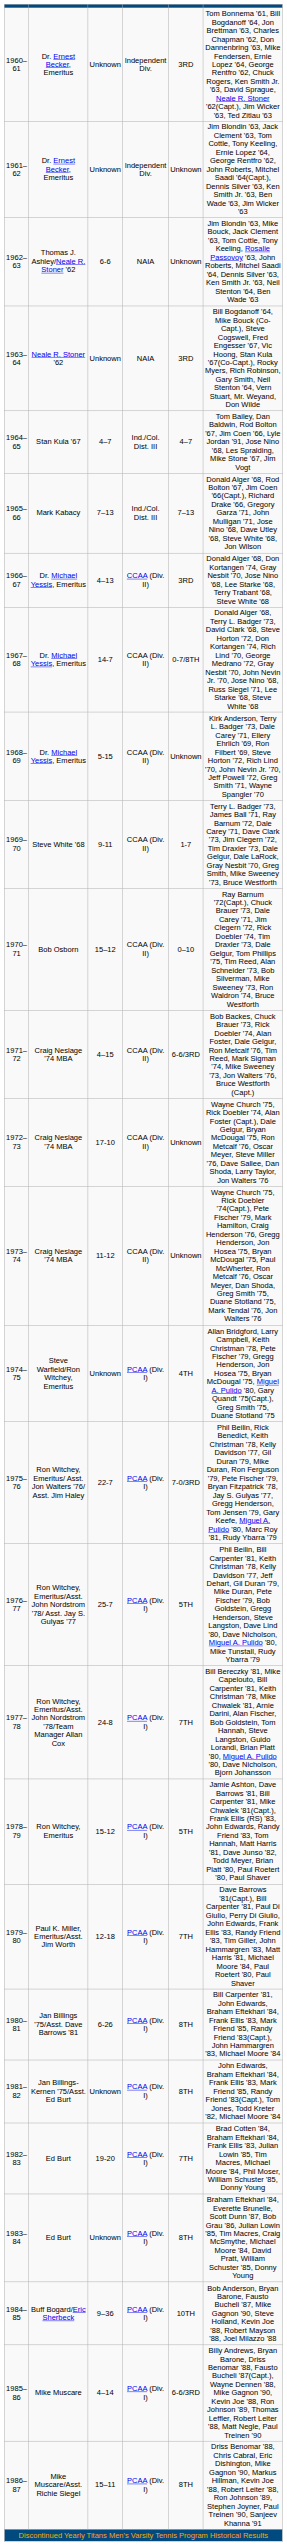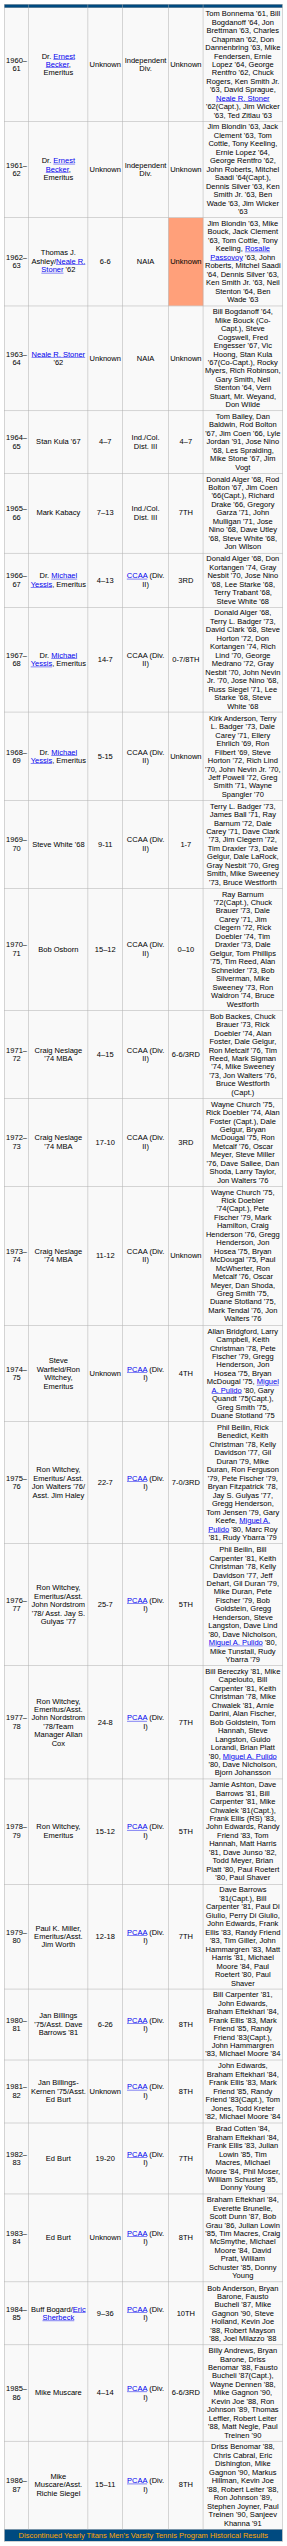 <table class="wikitable" style="width:95%; text-align:center;">
 <tr style="background:#004A80;">
 <th style="background:#004A80;"></th>
 <th style="background:#004A80;"></th>
 <th style="background:#004A80;"></th>
 <th style="background:#004A80;"></th>
 <th style="background:#004A80;"></th>
 <th style="background:#004A80;"></th>
 </tr>
 <tr>
 <td>1960–61</td>
 <td>Dr. <a href='#'>Ernest Becker</a>, Emeritus</td>
 <td>Unknown</td>
 <td>Independent Div.</td>
-<td>3RD</td>
+<td>Unknown</td>
 <td>Tom Bonnema '61, Bill Bogdanoff '64, Jon Brettman '63, Charles Chapman '62, Don Dannenbring '63, Mike Fendersen, Ernie Lopez '64, George Rentfro '62, Chuck Rogers, Ken Smith Jr. '63, David Sprague, <a href='#'>Neale R. Stoner</a> '62(Capt.), Jim Wicker '63, Ted Zitlau '63</td>
 </tr>
 <tr>
 <td>1961–62</td>
 <td>Dr. <a href='#'>Ernest Becker</a>, Emeritus</td>
 <td>Unknown</td>
 <td>Independent Div.</td>
 <td>Unknown</td>
 <td>Jim Blondin '63, Jack Clement '63, Tom Cottle, Tony Keeling, Ernie Lopez '64, George Rentfro '62, John Roberts, Mitchel Saadi '64(Capt.), Dennis Silver '63, Ken Smith Jr. '63, Ben Wade '63, Jim Wicker '63</td>
 </tr>
 <tr>
 <td>1962–63</td>
 <td>Thomas J. Ashley/<a href='#'>Neale R. Stoner</a> '62</td>
 <td>6-6</td>
 <td>NAIA</td>
-<td>Unknown</td>
+<td style="background: lightsalmon;">Unknown</td>
 <td>Jim Blondin '63, Mike Bouck, Jack Clement '63, Tom Cottle, Tony Keeling, <a href='#'>Rosalie Passovoy</a> '63, John Roberts, Mitchel Saadi '64, Dennis Silver '63, Ken Smith Jr. '63, Neil Stenton '64, Ben Wade '63</td>
 </tr>
 <tr>
 <td>1963–64</td>
 <td><a href='#'>Neale R. Stoner</a> '62</td>
 <td>Unknown</td>
 <td>NAIA</td>
-<td>3RD</td>
+<td>Unknown</td>
 <td>Bill Bogdanoff '64, Mike Bouck (Co-Capt.), Steve Cogswell, Fred Engesser '67, Vic Hoong, Stan Kula '67(Co-Capt.), Rocky Myers, Rich Robinson, Gary Smith, Neil Stenton '64, Vern Stuart, Mr. Weyand, Don Wilde</td>
 </tr>
 <tr>
 <td>1964–65</td>
 <td>Stan Kula '67</td>
 <td>4–7</td>
 <td>Ind./Col. Dist. III</td>
 <td>4–7</td>
 <td>Tom Bailey, Dan Baldwin, Rod Bolton '67, Jim Coen '66, Lyle Jordan '91, Jose Nino '68, Les Spralding, Mike Stone '67, Jim Vogt</td>
 </tr>
 <tr>
 <td>1965–66</td>
 <td>Mark Kabacy</td>
 <td>7–13</td>
 <td>Ind./Col. Dist. III</td>
-<td>7–13</td>
+<td>7TH</td>
 <td>Donald Alger '68, Rod Bolton '67, Jim Coen '66(Capt.), Richard Drake '66, Gregory Garza '71, John Mulligan '71, Jose Nino '68, Dave Utley '68, Steve White '68, Jon Wilson</td>
 </tr>
 <tr>
 <td>1966–67</td>
 <td>Dr. <a href='#'>Michael Yessis</a>, Emeritus</td>
 <td>4–13</td>
 <td><a href='#'>CCAA</a> (Div. II)</td>
 <td>3RD</td>
 <td>Donald Alger '68, Don Kortangen '74, Gray Nesbit '70, Jose Nino '68, Lee Starke '68, Terry Trabant '68, Steve White '68</td>
 </tr>
 <tr>
 <td>1967–68</td>
 <td>Dr. <a href='#'>Michael Yessis</a>, Emeritus</td>
 <td>14-7</td>
 <td>CCAA (Div. II)</td>
 <td>0-7/8TH</td>
 <td>Donald Alger '68, Terry L. Badger '73, David Clark '68, Steve Horton '72, Don Kortangen '74, Rich Lind '70, George Medrano '72, Gray Nesbit '70, John Nevin Jr. '70, Jose Nino '68, Russ Siegel '71, Lee Starke '68, Steve White '68</td>
 </tr>
 <tr>
 <td>1968–69</td>
 <td>Dr. <a href='#'>Michael Yessis</a>, Emeritus</td>
 <td>5-15</td>
 <td>CCAA (Div. II)</td>
 <td>Unknown</td>
 <td>Kirk Anderson, Terry L. Badger '73, Dale Carey '71, Ellery Ehrlich '69, Ron Filbert '69, Steve Horton '72, Rich Lind '70, John Nevin Jr. '70, Jeff Powell '72, Greg Smith '71, Wayne Spangler '70</td>
 </tr>
 <tr>
 <td>1969–70</td>
 <td>Steve White '68</td>
 <td>9-11</td>
 <td>CCAA (Div. II)</td>
 <td>1-7</td>
 <td>Terry L. Badger '73, James Ball '71, Ray Barnum '72, Dale Carey '71, Dave Clark '73, Jim Clegern '72, Tim Draxler '73, Dale Gelgur, Dale LaRock, Gray Nesbit '70, Greg Smith, Mike Sweeney '73, Bruce Westforth</td>
 </tr>
 <tr>
 <td>1970–71</td>
 <td>Bob Osborn</td>
 <td>15–12</td>
 <td>CCAA (Div. II)</td>
 <td>0–10</td>
 <td>Ray Barnum '72(Capt.), Chuck Brauer '73, Dale Carey '71, Jim Clegern '72, Rick Doebler '74, Tim Draxler '73, Dale Gelgur, Tom Phillips '75, Tim Reed, Alan Schneider '73, Bob Silverman, Mike Sweeney '73, Ron Waldron '74, Bruce Westforth</td>
 </tr>
 <tr>
 <td>1971–72</td>
 <td>Craig Neslage '74 MBA</td>
 <td>4–15</td>
 <td>CCAA (Div. II)</td>
 <td>6-6/3RD</td>
 <td>Bob Backes, Chuck Brauer '73, Rick Doebler '74, Alan Foster, Dale Gelgur, Ron Metcalf '76, Tim Reed, Mark Sigman '74, Mike Sweeney '73, Jon Walters '76, Bruce Westforth (Capt.)</td>
 </tr>
 <tr>
 <td>1972–73</td>
 <td>Craig Neslage '74 MBA</td>
 <td>17-10</td>
 <td>CCAA (Div. II)</td>
-<td>Unknown</td>
+<td>3RD</td>
 <td>Wayne Church '75, Rick Doebler '74, Alan Foster (Capt.), Dale Gelgur, Bryan McDougal '75, Ron Metcalf '76,    Oscar Meyer, Steve Miller '76, Dave Sallee, Dan Shoda, Larry Taylor, Jon Walters '76</td>
 </tr>
 <tr>
 <td>1973–74</td>
 <td>Craig Neslage '74 MBA</td>
 <td>11-12</td>
 <td>CCAA (Div. II)</td>
 <td>Unknown</td>
 <td>Wayne Church '75, Rick Doebler '74(Capt.), Pete Fischer '79, Mark Hamilton, Craig Henderson '76, Gregg Henderson, Jon Hosea '75, Bryan McDougal '75, Paul McWherter, Ron Metcalf '76,  Oscar Meyer, Dan Shoda, Greg Smith '75, Duane Stotland '75, Mark Tendal '76, Jon Walters '76</td>
 </tr>
 <tr>
 <td>1974–75</td>
 <td>Steve Warfield/Ron Witchey, Emeritus</td>
 <td>Unknown</td>
 <td><a href='#'>PCAA</a> (Div. I)</td>
 <td>4TH</td>
 <td>Allan Bridgford, Larry Campbell, Keith Christman '78, Pete Fischer '79, Gregg Henderson, Jon Hosea '75, Bryan McDougal '75, <a href='#'>Miguel A. Pulido</a> '80, Gary Quandt '75(Capt.), Greg Smith '75, Duane Stotland '75</td>
 </tr>
 <tr>
 <td>1975–76</td>
 <td>Ron Witchey, Emeritus/ Asst. Jon Walters '76/ Asst. Jim Haley</td>
 <td>22-7</td>
 <td><a href='#'>PCAA</a> (Div. I)</td>
 <td>7-0/3RD</td>
 <td>Phil Beilin, Rick Benedict, Keith Christman '78, Kelly Davidson '77, Gil Duran '79, Mike Duran, Ron Ferguson '79, Pete Fischer '79, Bryan Fitzpatrick '78, Jay S. Gulyas '77, Gregg Henderson, Tom Jensen '79, Gary Keefe, <a href='#'>Miguel A. Pulido</a> '80, Marc Roy '81, Rudy Ybarra '79</td>
 </tr>
 <tr>
 <td>1976–77</td>
 <td>Ron Witchey, Emeritus/Asst. John Nordstrom '78/ Asst. Jay S. Gulyas '77</td>
 <td>25-7</td>
 <td><a href='#'>PCAA</a> (Div. I)</td>
 <td>5TH</td>
 <td>Phil Beilin, Bill Carpenter '81, Keith Christman '78, Kelly Davidson '77, Jeff Dehart, Gil Duran '79, Mike Duran, Pete Fischer '79, Bob Goldstein, Gregg Henderson, Steve Langston, Dave Lind '80, Dave Nicholson, <a href='#'>Miguel A. Pulido</a> '80, Mike Tunstall, Rudy Ybarra '79</td>
 </tr>
 <tr>
 <td>1977–78</td>
 <td>Ron Witchey, Emeritus/Asst. John Nordstrom '78/Team Manager Allan Cox</td>
 <td>24-8</td>
 <td><a href='#'>PCAA</a> (Div. I)</td>
 <td>7TH</td>
 <td>Bill Bereczky '81, Mike Capelouto, Bill Carpenter '81, Keith Christman '78, Mike Chwalek '81, Arnie Darini,  Alan Fischer, Bob Goldstein, Tom Hannah, Steve Langston,  Guido Lorandi, Brian Platt '80, <a href='#'>Miguel A. Pulido</a> '80, Dave Nicholson,  Bjorn Johansson</td>
 </tr>
 <tr>
 <td>1978–79</td>
 <td>Ron Witchey, Emeritus</td>
 <td>15-12</td>
 <td><a href='#'>PCAA</a> (Div. I)</td>
 <td>5TH</td>
 <td>Jamie Ashton, Dave Barrows '81, Bill Carpenter '81, Mike Chwalek '81(Capt.), Frank Ellis (RS) '83, John Edwards, Randy Friend '83, Tom Hannah, Matt Harris '81, Dave Junso '82, Todd Meyer, Brian Platt '80,  Paul Roetert '80, Paul Shaver</td>
 </tr>
 <tr>
 <td>1979–80</td>
 <td>Paul K. Miller, Emeritus/Asst. Jim Worth</td>
 <td>12-18</td>
 <td><a href='#'>PCAA</a> (Div. I)</td>
 <td>7TH</td>
 <td>Dave Barrows '81(Capt.), Bill Carpenter '81, Paul Di Giulio, Perry Di Giulio, John Edwards, Frank Ellis '83, Randy Friend '83, Tim Giller, John Hammargren '83, Matt Harris '81, Michael Moore '84,  Paul Roetert '80, Paul Shaver</td>
 </tr>
 <tr>
 <td>1980–81</td>
 <td>Jan Billings '75/Asst. Dave Barrows '81</td>
 <td>6-26</td>
 <td><a href='#'>PCAA</a> (Div. I)</td>
 <td>8TH</td>
 <td>Bill Carpenter '81, John Edwards,  Braham Eftekhari '84, Frank Ellis '83, Mark Friend '85, Randy Friend '83(Capt.), John Hammargren '83, Michael Moore '84</td>
 </tr>
 <tr>
 <td>1981–82</td>
 <td>Jan Billings-Kernen '75/Asst. Ed Burt</td>
 <td>Unknown</td>
 <td><a href='#'>PCAA</a> (Div. I)</td>
 <td>8TH</td>
 <td>John Edwards,  Braham Eftekhari '84, Frank Ellis '83, Mark Friend '85, Randy Friend '83(Capt.), Tom Jones, Todd Kreter '82, Michael Moore '84</td>
 </tr>
 <tr>
 <td>1982–83</td>
 <td>Ed Burt</td>
 <td>19-20</td>
 <td><a href='#'>PCAA</a> (Div. I)</td>
 <td>7TH</td>
 <td>Brad Cotten '84,  Braham Eftekhari '84, Frank Ellis '83,  Julian Lowin '85, Tim Macres, Michael Moore '84, Phil Moser, William Schuster '85, Donny Young</td>
 </tr>
 <tr>
 <td>1983–84</td>
 <td>Ed Burt</td>
 <td>Unknown</td>
 <td><a href='#'>PCAA</a> (Div. I)</td>
 <td>8TH</td>
 <td> Braham Eftekhari '84, Everette Brunelle, Scott Dunn '87, Bob Grau '86,  Julian Lowin '85, Tim Macres,  Craig McSmythe, Michael Moore '84, David Pratt, William Schuster '85, Donny Young</td>
 </tr>
 <tr>
 <td>1984–85</td>
 <td>Buff Bogard/<a href='#'>Eric Sherbeck</a></td>
 <td>9–36</td>
 <td><a href='#'>PCAA</a> (Div. I)</td>
 <td>10TH</td>
 <td>Bob Anderson, Bryan Barone, Fausto Bucheli '87, Mike Gagnon '90, Steve Holland, Kevin Joe '88, Robert Mayson '88, Joel Milazzo '88</td>
 </tr>
 <tr>
 <td>1985–86</td>
 <td>Mike Muscare</td>
 <td>4–14</td>
 <td><a href='#'>PCAA</a> (Div. I)</td>
 <td>6-6/3RD</td>
 <td>Billy Andrews, Bryan Barone,  Driss Benomar '88, Fausto Bucheli '87(Capt.), Wayne Dennen '88, Mike Gagnon '90, Kevin Joe '88, Ron Johnson '89, Thomas Leffler, Robert Leiter '88, Matt Negle, Paul Treinen '90</td>
 </tr>
 <tr>
 <td>1986–87</td>
 <td>Mike Muscare/Asst. Richie Siegel</td>
 <td>15–11</td>
 <td><a href='#'>PCAA</a> (Div. I)</td>
 <td>8TH</td>
 <td> Driss Benomar '88, Chris Cabral, Eric Dishington, Mike Gagnon '90, Markus Hillman, Kevin Joe '88, Robert Leiter '88, Ron Johnson '89, Stephen Joyner, Paul Treinen '90,  Sanjeev Khanna '91</td>
 </tr>
 <tr>
 <td colspan=6 ! style="background: #004A80; color:orange;">Discontinued Yearly Titans Men's Varsity Tennis Program Historical Results</td>
 </tr>
 </table>
